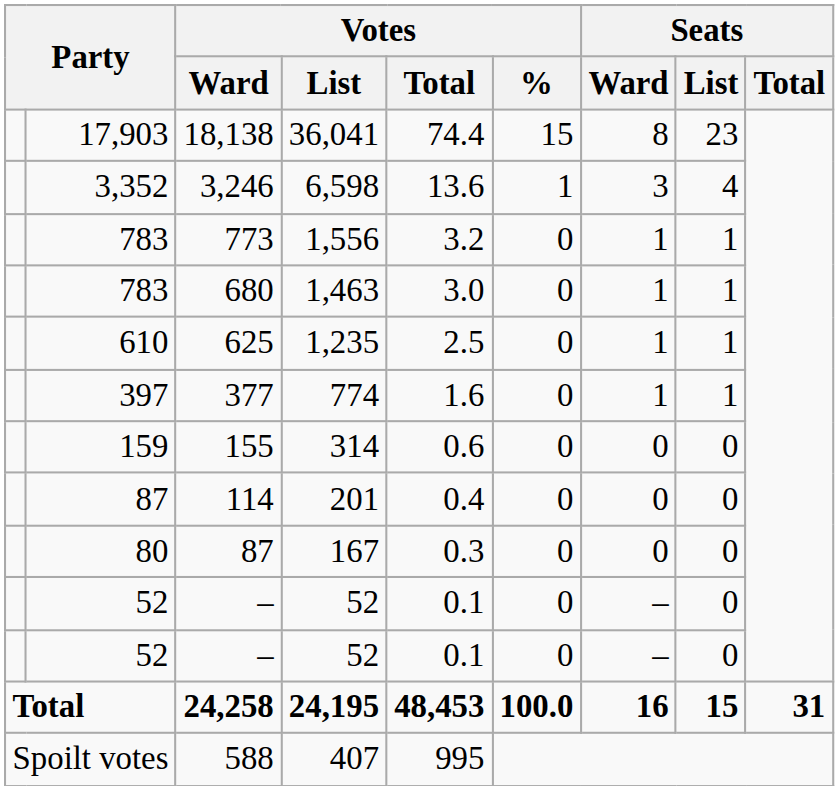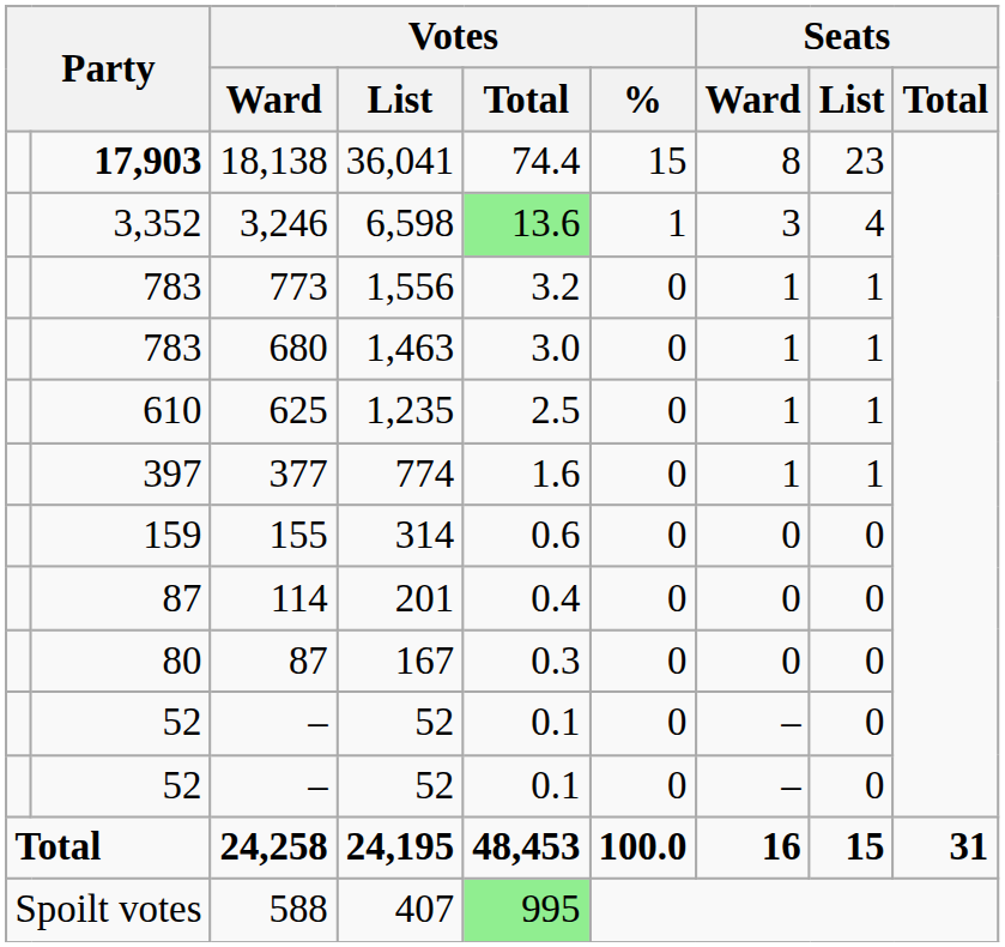 <table class=wikitable style="text-align:right">
 <tr>
 <th rowspan="2" colspan="2">Party</th>
 <th colspan="4" align="center">Votes</th>
 <th colspan="3" align="center">Seats</th>
 </tr>
 <tr>
 <th>Ward</th>
 <th>List</th>
 <th>Total</th>
 <th>%</th>
 <th>Ward</th>
 <th>List</th>
 <th>Total</th>
 </tr>
 <tr>
 <td></td>
-<td>17,903</td>
+<td><strong>17,903</strong></td>
 <td>18,138</td>
 <td>36,041</td>
 <td>74.4</td>
 <td>15</td>
 <td>8</td>
 <td>23</td>
 </tr>
 <tr>
 <td></td>
 <td>3,352</td>
 <td>3,246</td>
 <td>6,598</td>
-<td>13.6</td>
+<td style="background: lightgreen;">13.6</td>
 <td>1</td>
 <td>3</td>
 <td>4</td>
 </tr>
 <tr>
 <td></td>
 <td>783</td>
 <td>773</td>
 <td>1,556</td>
 <td>3.2</td>
 <td>0</td>
 <td>1</td>
 <td>1</td>
 </tr>
 <tr>
 <td></td>
 <td>783</td>
 <td>680</td>
 <td>1,463</td>
 <td>3.0</td>
 <td>0</td>
 <td>1</td>
 <td>1</td>
 </tr>
 <tr>
 <td></td>
 <td>610</td>
 <td>625</td>
 <td>1,235</td>
 <td>2.5</td>
 <td>0</td>
 <td>1</td>
 <td>1</td>
 </tr>
 <tr>
 <td></td>
 <td>397</td>
 <td>377</td>
 <td>774</td>
 <td>1.6</td>
 <td>0</td>
 <td>1</td>
 <td>1</td>
 </tr>
 <tr>
 <td></td>
 <td>159</td>
 <td>155</td>
 <td>314</td>
 <td>0.6</td>
 <td>0</td>
 <td>0</td>
 <td>0</td>
 </tr>
 <tr>
 <td></td>
 <td>87</td>
 <td>114</td>
 <td>201</td>
 <td>0.4</td>
 <td>0</td>
 <td>0</td>
 <td>0</td>
 </tr>
 <tr>
 <td></td>
 <td>80</td>
 <td>87</td>
 <td>167</td>
 <td>0.3</td>
 <td>0</td>
 <td>0</td>
 <td>0</td>
 </tr>
 <tr>
 <td></td>
 <td>52</td>
 <td>–</td>
 <td>52</td>
 <td>0.1</td>
 <td>0</td>
 <td>–</td>
 <td>0</td>
 </tr>
 <tr>
 <td></td>
 <td>52</td>
 <td>–</td>
 <td>52</td>
 <td>0.1</td>
 <td>0</td>
 <td>–</td>
 <td>0</td>
 </tr>
 <tr>
 <td colspan="2" style="text-align:left"><strong>Total</strong></td>
 <td><strong>24,258</strong></td>
 <td><strong>24,195</strong></td>
 <td><strong>48,453</strong></td>
 <td><strong>100.0</strong></td>
 <td><strong>16</strong></td>
 <td><strong>15</strong></td>
 <td><strong>31</strong></td>
 </tr>
 <tr>
 <td colspan="2" style="text-align:left">Spoilt votes</td>
 <td>588</td>
 <td>407</td>
-<td>995</td>
+<td style="background: lightgreen;">995</td>
 </tr>
 </table>
